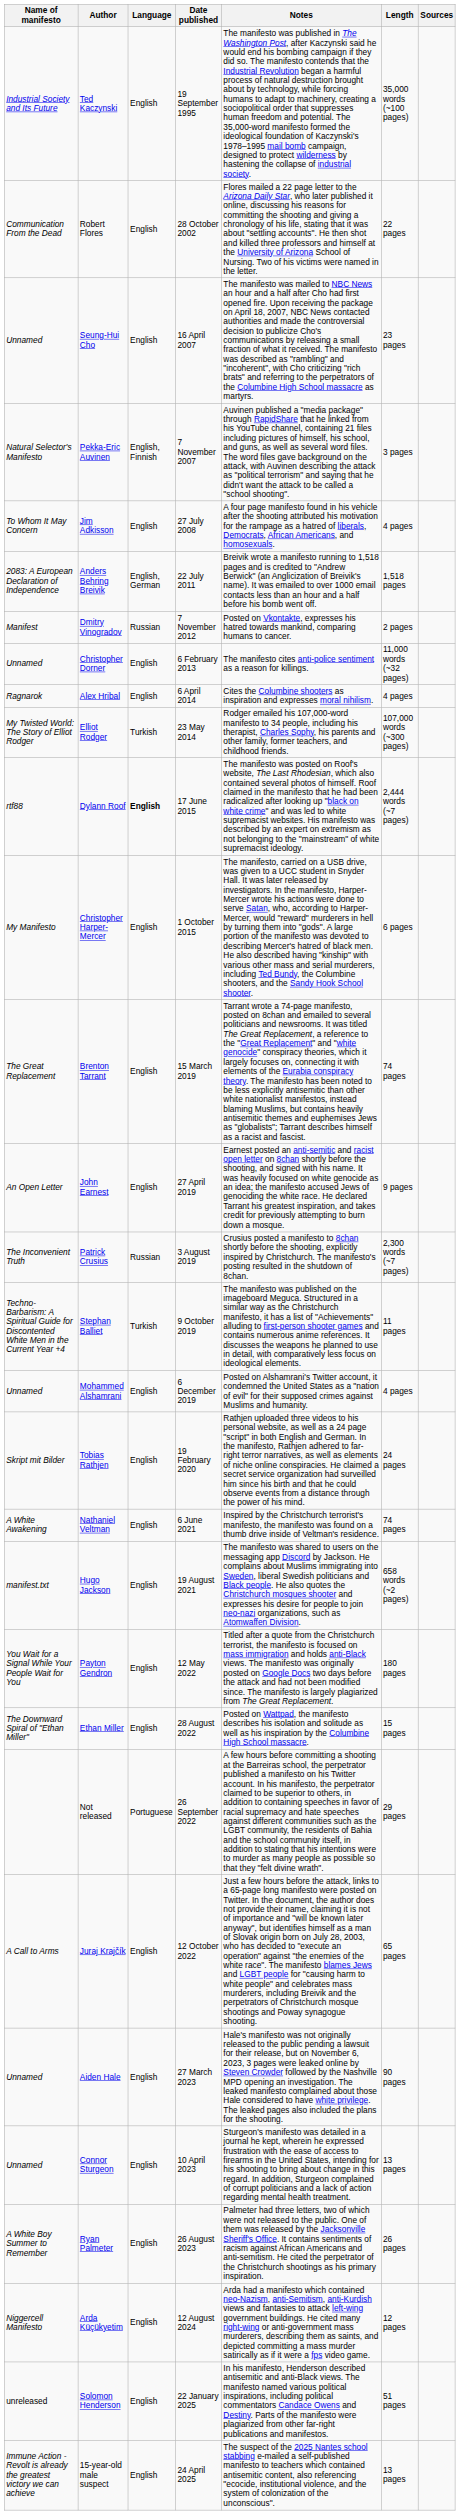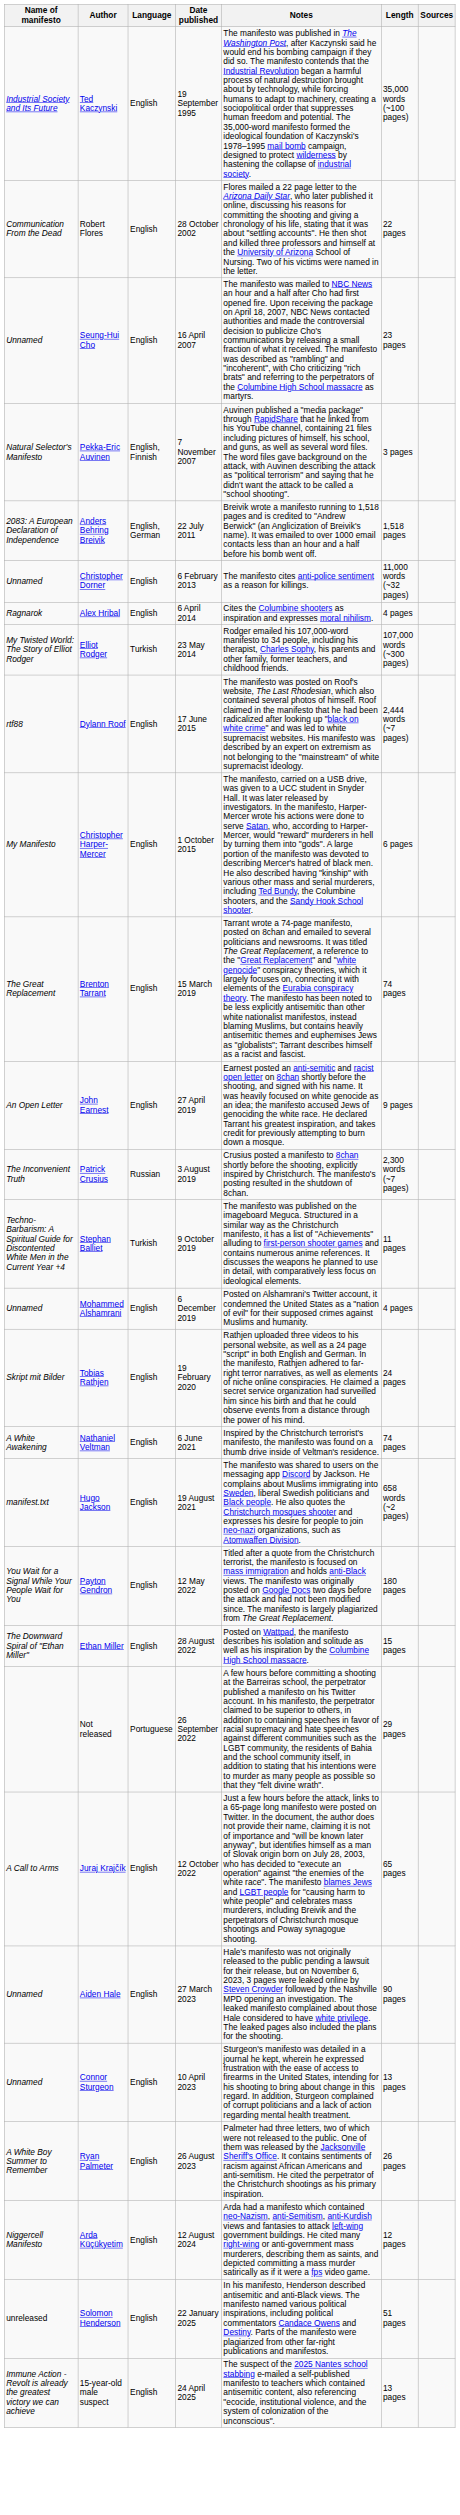 <table class="wikitable sortable">
 <tr>
 <th>Name of manifesto</th>
 <th>Author</th>
 <th>Language</th>
 <th>Date published</th>
 <th>Notes</th>
 <th>Length</th>
 <th>Sources</th>
 </tr>
 <tr>
 <td><em><a href='#'>Industrial Society and Its Future</a></em></td>
 <td><a href='#'>Ted Kaczynski</a></td>
 <td>English</td>
 <td>19 September 1995</td>
 <td>The manifesto was published in <em><a href='#'>The Washington Post</a></em>, after Kaczynski said he would end his bombing campaign if they did so. The manifesto contends that the <a href='#'>Industrial Revolution</a> began a harmful process of natural destruction brought about by technology, while forcing humans to adapt to machinery, creating a sociopolitical order that suppresses human freedom and potential. The 35,000-word manifesto formed the ideological foundation of Kaczynski's 1978–1995 <a href='#'>mail bomb</a> campaign, designed to protect <a href='#'>wilderness</a> by hastening the collapse of <a href='#'>industrial society</a>.</td>
 <td>35,000 words (~100 pages)</td>
 <td></td>
 </tr>
 <tr>
 <td><em>Communication From the Dead</em></td>
 <td>Robert Flores</td>
 <td>English</td>
 <td>28 October 2002</td>
 <td>Flores mailed a 22 page letter to the <em><a href='#'>Arizona Daily Star</a></em>, who later published it online, discussing his reasons for committing the shooting and giving a chronology of his life, stating that it was about "settling accounts". He then shot and killed three professors and himself at the <a href='#'>University of Arizona</a> School of Nursing. Two of his victims were named in the letter.</td>
 <td>22 pages</td>
 <td></td>
 </tr>
 <tr>
 <td><em>Unnamed</em></td>
 <td><a href='#'>Seung-Hui Cho</a></td>
 <td>English</td>
 <td>16 April 2007</td>
 <td>The manifesto was mailed to <a href='#'>NBC News</a> an hour and a half after Cho had first opened fire. Upon receiving the package on April 18, 2007, NBC News contacted authorities and made the controversial decision to publicize Cho's communications by releasing a small fraction of what it received. The manifesto was described as "rambling" and "incoherent", with Cho criticizing "rich brats" and referring to the perpetrators of the <a href='#'>Columbine High School massacre</a> as martyrs.</td>
 <td>23 pages</td>
 <td></td>
 </tr>
 <tr>
 <td><em>Natural Selector's Manifesto</em></td>
 <td><a href='#'>Pekka-Eric Auvinen</a></td>
 <td>English, Finnish</td>
 <td>7 November 2007</td>
 <td>Auvinen published a "media package" through <a href='#'>RapidShare</a> that he linked from his YouTube channel, containing 21 files including pictures of himself, his school, and guns, as well as several word files. The word files gave background on the attack, with Auvinen describing the attack as "political terrorism" and saying that he didn't want the attack to be called a "school shooting".</td>
 <td>3 pages</td>
 <td></td>
 </tr>
 <tr>
-<td><em>To Whom It May Concern</em></td>
-<td><a href='#'>Jim Adkisson</a></td>
-<td>English</td>
-<td>27 July 2008</td>
-<td>A four page manifesto found in his vehicle after the shooting attributed his motivation for the rampage as a hatred of <a href='#'>liberals</a>, <a href='#'>Democrats</a>, <a href='#'>African Americans</a>, and <a href='#'>homosexuals</a>.</td>
-<td>4 pages</td>
-<td></td>
-</tr>
-<tr>
 <td><em>2083: A European Declaration of Independence</em></td>
 <td><a href='#'>Anders Behring Breivik</a></td>
 <td>English, German</td>
 <td>22 July 2011</td>
 <td>Breivik wrote a manifesto running to 1,518 pages and is credited to "Andrew Berwick" (an Anglicization of Breivik's name). It was emailed to over 1000 email contacts less than an hour and a half before his bomb went off.</td>
 <td>1,518 pages</td>
-<td></td>
-</tr>
-<tr>
-<td><em>Manifest</em></td>
-<td><a href='#'>Dmitry Vinogradov</a></td>
-<td>Russian</td>
-<td>7 November 2012</td>
-<td>Posted on <a href='#'>Vkontakte</a>, expresses his hatred towards mankind, comparing humans to cancer.</td>
-<td>2 pages</td>
 <td></td>
 </tr>
 <tr>
 <td><em>Unnamed</em></td>
 <td><a href='#'>Christopher Dorner</a></td>
 <td>English</td>
 <td>6 February 2013</td>
 <td>The manifesto cites <a href='#'>anti-police sentiment</a> as a reason for killings.</td>
 <td>11,000 words (~32 pages)</td>
 <td></td>
 </tr>
 <tr>
 <td><em>Ragnarok</em></td>
 <td><a href='#'>Alex Hribal</a></td>
 <td>English</td>
 <td>6 April 2014</td>
 <td>Cites the <a href='#'>Columbine shooters</a> as inspiration and expresses <a href='#'>moral nihilism</a>.</td>
 <td>4 pages</td>
 <td></td>
 </tr>
 <tr>
 <td><em>My Twisted World: The Story of Elliot Rodger</em></td>
 <td><a href='#'>Elliot Rodger</a></td>
 <td>Turkish</td>
 <td>23 May 2014</td>
 <td>Rodger emailed his 107,000-word manifesto to 34 people, including his therapist, <a href='#'>Charles Sophy</a>, his parents and other family, former teachers, and childhood friends.</td>
 <td>107,000 words (~300 pages)</td>
 <td></td>
 </tr>
 <tr>
 <td><em>rtf88</em></td>
 <td><a href='#'>Dylann Roof</a></td>
-<td><strong>English</strong></td>
+<td>English</td>
 <td>17 June 2015</td>
 <td>The manifesto was posted on Roof's website, <em>The Last Rhodesian</em>, which also contained several photos of himself. Roof claimed in the manifesto that he had been radicalized after looking up "<a href='#'>black on white crime</a>" and was led to white supremacist websites. His manifesto was described by an expert on extremism as not belonging to the "mainstream" of white supremacist ideology.</td>
 <td>2,444 words (~7 pages)</td>
 <td></td>
 </tr>
 <tr>
 <td><em>My Manifesto</em></td>
 <td><a href='#'>Christopher Harper-Mercer</a></td>
 <td>English</td>
 <td>1 October 2015</td>
 <td>The manifesto, carried on a USB drive, was given to a UCC student in Snyder Hall. It was later released by investigators. In the manifesto, Harper-Mercer wrote his actions were done to serve <a href='#'>Satan</a>, who, according to Harper-Mercer, would "reward" murderers in hell by turning them into "gods". A large portion of the manifesto was devoted to describing Mercer's hatred of black men. He also described having "kinship" with various other mass and serial murderers, including <a href='#'>Ted Bundy</a>, the Columbine shooters, and the <a href='#'>Sandy Hook School shooter</a>.</td>
 <td>6 pages</td>
 <td></td>
 </tr>
 <tr>
 <td><em>The Great Replacement</em></td>
 <td><a href='#'>Brenton Tarrant</a></td>
 <td>English</td>
 <td>15 March 2019</td>
 <td>Tarrant wrote a 74-page manifesto, posted on 8chan and emailed to several politicians and newsrooms. It was titled <em>The Great Replacement</em>, a reference to the "<a href='#'>Great Replacement</a>" and "<a href='#'>white genocide</a>" conspiracy theories, which it largely focuses on, connecting it with elements of the <a href='#'>Eurabia conspiracy theory</a>. The manifesto has been noted to be less explicitly antisemitic than other white nationalist manifestos, instead blaming Muslims, but contains heavily antisemitic themes and euphemises Jews as "globalists"; Tarrant describes himself as a racist and fascist.</td>
 <td>74 pages</td>
 <td></td>
 </tr>
 <tr>
 <td><em>An Open Letter</em></td>
 <td><a href='#'>John Earnest</a></td>
 <td>English</td>
 <td>27 April 2019</td>
 <td>Earnest posted an <a href='#'>anti-semitic</a> and <a href='#'>racist</a> <a href='#'>open letter</a> on <a href='#'>8chan</a> shortly before the shooting, and signed with his name. It was heavily focused on white genocide as an idea; the manifesto accused Jews of genociding the white race. He declared Tarrant his greatest inspiration, and takes credit for previously attempting to burn down a mosque.</td>
 <td>9 pages</td>
 <td></td>
 </tr>
 <tr>
 <td><em>The Inconvenient Truth</em></td>
 <td><a href='#'>Patrick Crusius</a></td>
 <td>Russian</td>
 <td>3 August 2019</td>
 <td>Crusius posted a manifesto to <a href='#'>8chan</a> shortly before the shooting, explicitly inspired by Christchurch. The manifesto's posting resulted in the shutdown of 8chan.</td>
 <td>2,300 words (~7 pages)</td>
 <td></td>
 </tr>
 <tr>
 <td><em>Techno-Barbarism: A Spiritual Guide for Discontented White Men in the Current Year +4</em></td>
 <td><a href='#'>Stephan Balliet</a></td>
 <td>Turkish</td>
 <td>9 October 2019</td>
 <td>The manifesto was published on the imageboard Meguca. Structured in a similar way as the Christchurch manifesto, it has a list of "Achievements" alluding to <a href='#'>first-person shooter games</a> and contains numerous anime references. It discusses the weapons he planned to use in detail, with comparatively less focus on ideological elements.</td>
 <td>11 pages</td>
 <td></td>
 </tr>
 <tr>
 <td><em>Unnamed</em></td>
 <td><a href='#'>Mohammed Alshamrani</a></td>
 <td>English</td>
 <td>6 December 2019</td>
 <td>Posted on Alshamrani's Twitter account, it condemned the United States as a "nation of evil" for their supposed crimes against Muslims and humanity.</td>
 <td>4 pages</td>
 <td></td>
 </tr>
 <tr>
 <td><em>Skript mit Bilder</em></td>
 <td><a href='#'>Tobias Rathjen</a></td>
 <td>English</td>
 <td>19 February 2020</td>
 <td>Rathjen uploaded three videos to his personal website, as well as a 24 page "script" in both English and German. In the manifesto, Rathjen adhered to far-right terror narratives, as well as elements of niche online conspiracies. He claimed a secret service organization had surveilled him since his birth and that he could observe events from a distance through the power of his mind.</td>
 <td>24 pages</td>
 <td></td>
 </tr>
 <tr>
 <td><em>A White Awakening</em></td>
 <td><a href='#'>Nathaniel Veltman</a></td>
 <td>English</td>
 <td>6 June 2021</td>
 <td>Inspired by the Christchurch terrorist's manifesto, the manifesto was found on a thumb drive inside of Veltman's residence.</td>
 <td>74 pages</td>
 <td></td>
 </tr>
 <tr>
 <td><em>manifest.txt</em></td>
 <td><a href='#'>Hugo Jackson</a></td>
 <td>English</td>
 <td>19 August 2021</td>
 <td>The manifesto was shared to users on the messaging app <a href='#'>Discord</a> by Jackson. He complains about Muslims immigrating into <a href='#'>Sweden</a>, liberal Swedish politicians and <a href='#'>Black people</a>. He also quotes the <a href='#'>Christchurch mosques shooter</a> and expresses his desire for people to join <a href='#'>neo-nazi</a> organizations, such as <a href='#'>Atomwaffen Division</a>.</td>
 <td>658 words (~2 pages)</td>
 <td></td>
 </tr>
 <tr>
 <td><em>You Wait for a Signal While Your People Wait for You</em></td>
 <td><a href='#'>Payton Gendron</a></td>
 <td>English</td>
 <td>12 May 2022</td>
 <td>Titled after a quote from the Christchurch terrorist, the manifesto is focused on <a href='#'>mass immigration</a> and holds <a href='#'>anti-Black</a> views. The manifesto was originally posted on <a href='#'>Google Docs</a> two days before the attack and had not been modified since. The manifesto is largely plagiarized from <em>The Great Replacement</em>.</td>
 <td>180 pages</td>
 <td></td>
 </tr>
 <tr>
 <td><em>The Downward Spiral of "Ethan Miller"</em></td>
 <td><a href='#'>Ethan Miller</a></td>
 <td>English</td>
 <td>28 August 2022</td>
 <td>Posted on <a href='#'>Wattpad</a>, the manifesto describes his isolation and solitude as well as his inspiration by the <a href='#'>Columbine High School massacre</a>.</td>
 <td>15 pages</td>
 <td></td>
 </tr>
 <tr>
 <td></td>
 <td>Not released</td>
 <td>Portuguese</td>
 <td>26 September 2022</td>
 <td>A few hours before committing a shooting at the Barreiras school, the perpetrator published a manifesto on his Twitter account. In his manifesto, the perpetrator claimed to be superior to others, in addition to containing speeches in favor of racial supremacy and hate speeches against different communities such as the LGBT community, the residents of Bahia and the school community itself, in addition to stating that his intentions were to murder as many people as possible so that they "felt divine wrath".</td>
 <td>29 pages</td>
 <td></td>
 </tr>
 <tr>
 <td><em>A Call to Arms</em></td>
 <td><a href='#'>Juraj Krajčík</a></td>
 <td>English</td>
 <td>12 October 2022</td>
 <td>Just a few hours before the attack, links to a 65-page long manifesto were posted on Twitter. In the document, the author does not provide their name, claiming it is not of importance and "will be known later anyway", but identifies himself as a man of Slovak origin born on July 28, 2003, who has decided to "execute an operation" against "the enemies of the white race". The manifesto <a href='#'>blames Jews</a> and <a href='#'>LGBT people</a> for "causing harm to white people" and celebrates mass murderers, including Breivik and the perpetrators of Christchurch mosque shootings and Poway synagogue shooting.</td>
 <td>65 pages</td>
 <td></td>
 </tr>
 <tr>
 <td><em>Unnamed</em></td>
 <td><a href='#'>Aiden Hale</a></td>
 <td>English</td>
 <td>27 March 2023</td>
 <td>Hale's manifesto was not originally released to the public pending a lawsuit for their release, but on November 6, 2023, 3 pages were leaked online by <a href='#'>Steven Crowder</a> followed by the Nashville MPD opening an investigation. The leaked manifesto complained about those Hale considered to have <a href='#'>white privilege</a>. The leaked pages also included the plans for the shooting.</td>
 <td>90 pages</td>
 <td></td>
 </tr>
 <tr>
 <td><em>Unnamed</em></td>
 <td><a href='#'>Connor Sturgeon</a></td>
 <td>English</td>
 <td>10 April 2023</td>
 <td>Sturgeon's manifesto was detailed in a journal he kept, wherein he expressed frustration with the ease of access to firearms in the United States, intending for his shooting to bring about change in this regard. In addition, Sturgeon complained of corrupt politicians and a lack of action regarding mental health treatment.</td>
 <td>13 pages</td>
 <td></td>
 </tr>
 <tr>
 <td><em>A White Boy Summer to Remember</em></td>
 <td><a href='#'>Ryan Palmeter</a></td>
 <td>English</td>
 <td>26 August 2023</td>
 <td>Palmeter had three letters, two of which were not released to the public. One of them was released by the <a href='#'>Jacksonville Sheriff's Office</a>. It contains sentiments of racism against African Americans and anti-semitism. He cited the perpetrator of the Christchurch shootings as his primary inspiration.</td>
 <td>26 pages</td>
 <td></td>
 </tr>
 <tr>
 <td><em>Niggercell Manifesto</em></td>
 <td><a href='#'>Arda Küçükyetim</a></td>
 <td>English</td>
 <td>12 August 2024</td>
 <td>Arda had a manifesto which contained <a href='#'>neo-Nazism</a>, <a href='#'>anti-Semitism</a>, <a href='#'>anti-Kurdish</a> views and fantasies to attack <a href='#'>left-wing</a> government buildings. He cited many <a href='#'>right-wing</a> or anti-government mass murderers, describing them as saints, and depicted committing a mass murder satirically as if it were a <a href='#'>fps</a> video game.</td>
 <td>12 pages</td>
 <td></td>
 </tr>
 <tr>
 <td>unreleased</td>
 <td><a href='#'>Solomon Henderson</a></td>
 <td>English</td>
 <td>22 January 2025</td>
 <td>In his manifesto, Henderson described antisemitic and anti-Black views. The manifesto named various political inspirations, including political commentators <a href='#'>Candace Owens</a> and <a href='#'>Destiny</a>. Parts of the manifesto were plagiarized from other far-right publications and manifestos.</td>
 <td>51 pages</td>
 <td></td>
 </tr>
 <tr>
 <td><em>Immune Action - Revolt is already the greatest victory we can achieve</em></td>
 <td>15-year-old male suspect</td>
 <td>English</td>
 <td>24 April 2025</td>
 <td>The suspect of the <a href='#'>2025 Nantes school stabbing</a> e-mailed a self-published manifesto to teachers which contained antisemitic content, also referencing "ecocide, institutional violence, and the system of colonization of the unconscious".</td>
 <td>13 pages</td>
 <td></td>
 </tr>
 </table>
